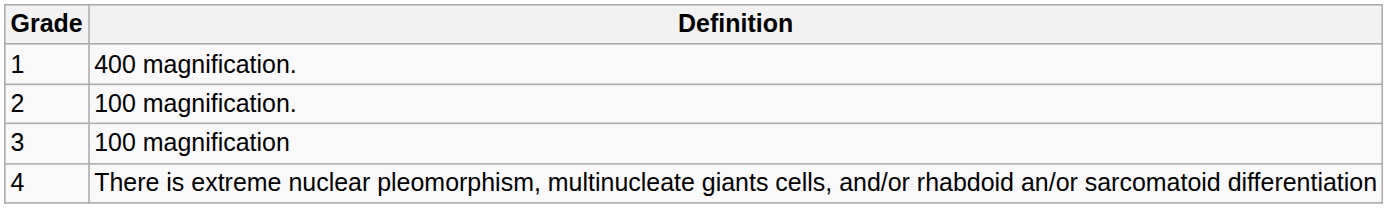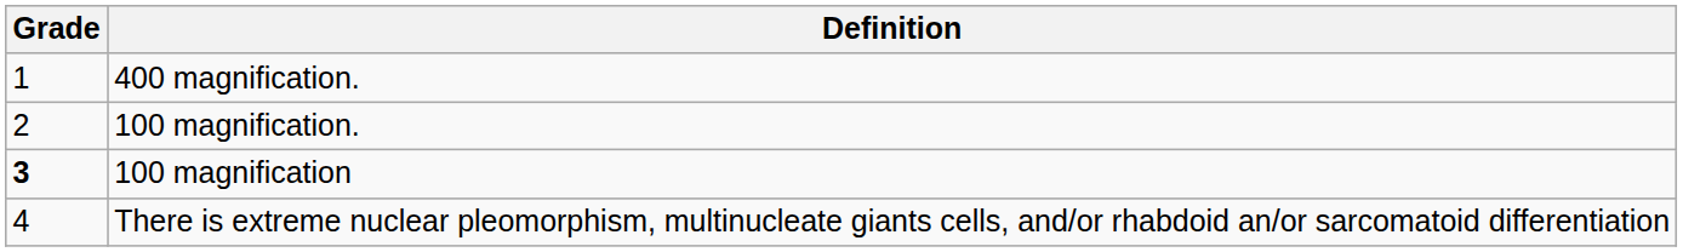 <table class="wikitable">
 <tr>
 <th>Grade</th>
 <th>Definition</th>
 </tr>
 <tr>
 <td>1</td>
 <td>400 magnification.</td>
 </tr>
 <tr>
 <td>2</td>
 <td>100 magnification.</td>
 </tr>
 <tr>
-<td>3</td>
+<td><strong>3</strong></td>
 <td>100 magnification</td>
 </tr>
 <tr>
 <td>4</td>
 <td>There is extreme nuclear pleomorphism, multinucleate giants cells, and/or rhabdoid an/or sarcomatoid differentiation</td>
 </tr>
 </table>
